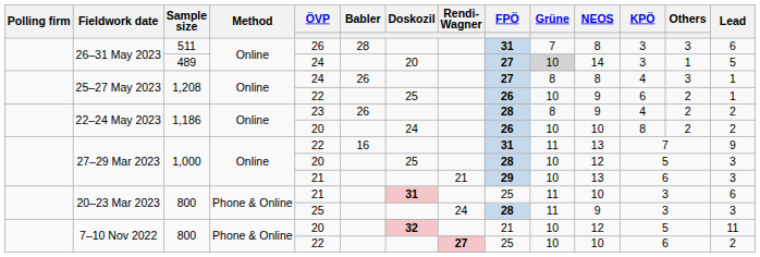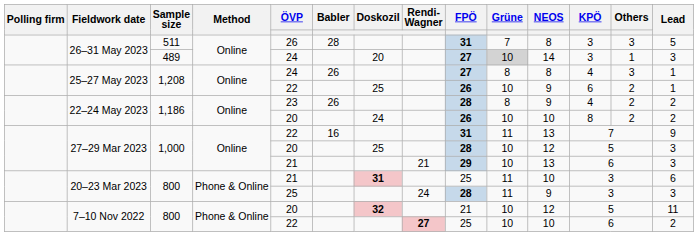 <table class="wikitable sortable tpl-blanktable" style="text-align:center;font-size:90%;line-height:14px;">
 <tr>
 <th rowspan="2">Polling firm</th>
 <th rowspan="2">Fieldwork date</th>
 <th rowspan="2">Sample<br>size</th>
 <th rowspan="2">Method</th>
 <th class="unsortable" style="width:50px;"><a href='#'>ÖVP</a></th>
 <th class="unsortable" style="width:50px;">Babler</th>
 <th class="unsortable" style="width:50px;">Doskozil</th>
 <th class="unsortable" style="width:50px;">Rendi-Wagner</th>
 <th class="unsortable" style="width:50px;"><a href='#'>FPÖ</a></th>
 <th class="unsortable" style="width:50px;"><a href='#'>Grüne</a></th>
 <th class="unsortable" style="width:50px;"><a href='#'>NEOS</a></th>
 <th class="unsortable" style="width:50px;"><a href='#'>KPÖ</a></th>
 <th class="unsortable" style="width:50px;">Others</th>
 <th rowspan="2" class="unsortable" style="width:50px;">Lead</th>
 </tr>
 <tr>
 <th style="background:"></th>
 <th colspan=3 style="background:"></th>
 <th style="background:"></th>
 <th style="background:"></th>
 <th style="background:"></th>
 <th style="background:"></th>
 <th style="background:"></th>
 </tr>
 <tr>
 <td rowspan="2"></td>
 <td rowspan="2" data-sort-value="2023-05-31">26–31 May 2023</td>
 <td>511</td>
 <td rowspan="2">Online</td>
 <td>26</td>
 <td>28</td>
 <td></td>
 <td></td>
 <td style="background:#C6D9EA;"><strong>31</strong></td>
 <td>7</td>
 <td>8</td>
 <td>3</td>
 <td>3</td>
-<td style="background:">6</td>
+<td style="background:">5</td>
 </tr>
 <tr>
 <td>489</td>
 <td>24</td>
 <td></td>
 <td>20</td>
 <td></td>
 <td style="background:#C6D9EA;"><strong>27</strong></td>
 <td style="background: lightgrey;">10</td>
 <td>14</td>
 <td>3</td>
 <td>1</td>
-<td style="background:">5</td>
+<td style="background:">3</td>
 </tr>
 <tr>
 <td rowspan="2"></td>
 <td rowspan="2" data-sort-value="2023-05-27">25–27 May 2023</td>
 <td rowspan="2">1,208</td>
 <td rowspan="2">Online</td>
 <td>24</td>
 <td>26</td>
 <td></td>
 <td></td>
 <td style="background:#C6D9EA;"><strong>27</strong></td>
 <td>8</td>
 <td>8</td>
 <td>4</td>
 <td>3</td>
 <td style="background:">1</td>
 </tr>
 <tr>
 <td>22</td>
 <td></td>
 <td>25</td>
 <td></td>
 <td style="background:#C6D9EA;"><strong>26</strong></td>
 <td>10</td>
 <td>9</td>
 <td>6</td>
 <td>2</td>
 <td style="background:">1</td>
 </tr>
 <tr>
 <td rowspan="2"></td>
 <td rowspan="2" data-sort-value="2023-05-24">22–24 May 2023</td>
 <td rowspan="2">1,186</td>
 <td rowspan="2">Online</td>
 <td>23</td>
 <td>26</td>
 <td></td>
 <td></td>
 <td style="background:#C6D9EA;"><strong>28</strong></td>
 <td>8</td>
 <td>9</td>
 <td>4</td>
 <td>2</td>
 <td style="background:">2</td>
 </tr>
 <tr>
 <td>20</td>
 <td></td>
 <td>24</td>
 <td></td>
 <td style="background:#C6D9EA;"><strong>26</strong></td>
 <td>10</td>
 <td>10</td>
 <td>8</td>
 <td>2</td>
 <td style="background:">2</td>
 </tr>
 <tr>
 <td rowspan=3></td>
 <td rowspan=3 data-sort-value="2023-03-29">27–29 Mar 2023</td>
 <td rowspan=3>1,000</td>
 <td rowspan=3>Online</td>
 <td>22</td>
 <td>16</td>
 <td></td>
 <td></td>
 <td style="background:#C6D9EA;"><strong>31</strong></td>
 <td>11</td>
 <td>13</td>
 <td colspan=2>7</td>
 <td style="background:">9</td>
 </tr>
 <tr>
 <td>20</td>
 <td></td>
 <td>25</td>
 <td></td>
 <td style="background:#C6D9EA;"><strong>28</strong></td>
 <td>10</td>
 <td>12</td>
 <td colspan=2>5</td>
 <td style="background:">3</td>
 </tr>
 <tr>
 <td>21</td>
 <td></td>
 <td></td>
 <td>21</td>
 <td style="background:#C6D9EA;"><strong>29</strong></td>
 <td>10</td>
 <td>13</td>
 <td colspan=2>6</td>
 <td style="background:">3</td>
 </tr>
 <tr>
 <td rowspan=2></td>
 <td rowspan=2 data-sort-value="2023-03-23">20–23 Mar 2023</td>
 <td rowspan=2>800</td>
 <td rowspan=2>Phone & Online</td>
 <td>21</td>
 <td></td>
 <td style="background:#F4C6C9;"><strong>31</strong></td>
 <td></td>
 <td>25</td>
 <td>11</td>
 <td>10</td>
 <td colspan=2>3</td>
 <td style="background:">6</td>
 </tr>
 <tr>
 <td>25</td>
 <td></td>
 <td></td>
 <td>24</td>
 <td style="background:#C6D9EA;"><strong>28</strong></td>
 <td>11</td>
 <td>9</td>
 <td colspan=2>3</td>
 <td style="background:">3</td>
 </tr>
 <tr>
 <td rowspan=2></td>
 <td rowspan=2 data-sort-value="2022-11-10">7–10 Nov 2022</td>
 <td rowspan=2>800</td>
 <td rowspan=2>Phone & Online</td>
 <td>20</td>
 <td></td>
 <td style="background:#F4C6C9;"><strong>32</strong></td>
 <td></td>
 <td>21</td>
 <td>10</td>
 <td>12</td>
 <td colspan=2>5</td>
 <td style="background:">11</td>
 </tr>
 <tr>
 <td>22</td>
 <td></td>
 <td></td>
 <td style="background:#F4C6C9;"><strong>27</strong></td>
 <td>25</td>
 <td>10</td>
 <td>10</td>
 <td colspan=2>6 </td>
 <td style="background:">2</td>
 </tr>
 </table>
